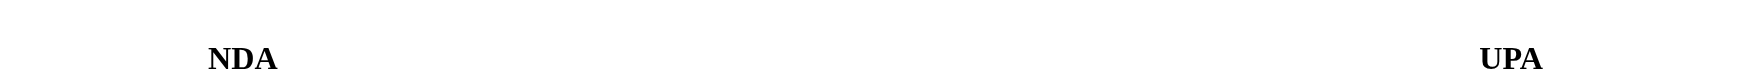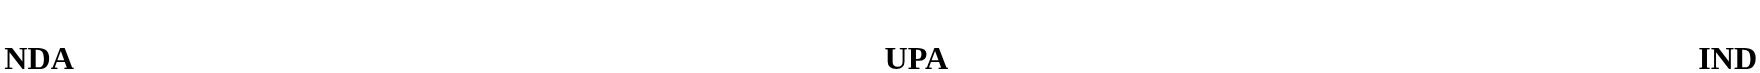 <table style="width:100%; text-align:center;">
 <tr style="color:white;">
 <td style="background:"><strong>16</strong></td>
 <td style="background:"><strong>9</strong></td>
+<td style="background:"><strong>5</strong></td>
 </tr>
 <tr>
 <td><span><strong>NDA</strong></span></td>
 <td><span><strong>UPA</strong></span></td>
+<td><span><strong>IND</strong></span></td>
 </tr>
 </table>
